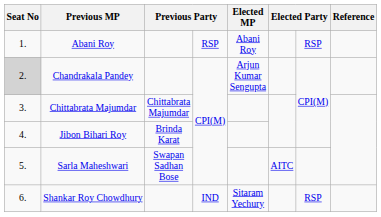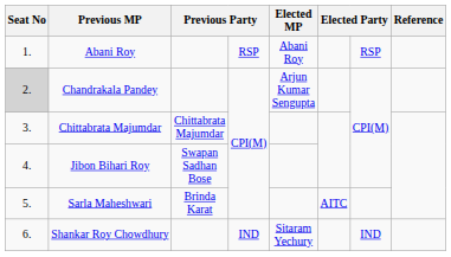 <table class="wikitable">
 <tr>
 <th>Seat No</th>
 <th>Previous MP</th>
 <th colspan=2>Previous Party</th>
 <th>Elected MP</th>
 <th colspan=2>Elected Party</th>
 <th>Reference</th>
 </tr>
 <tr style="text-align:center;">
 <td>1.</td>
 <td><a href='#'>Abani Roy</a></td>
 <td width="1px"></td>
 <td><a href='#'>RSP</a></td>
 <td><a href='#'>Abani Roy</a></td>
 <td width="1px"></td>
 <td><a href='#'>RSP</a></td>
 <td></td>
 </tr>
 <tr style="text-align:center;">
 <td style="background: lightgrey;">2.</td>
 <td><a href='#'>Chandrakala Pandey</a></td>
 <td width="1px"></td>
 <td rowspan=4><a href='#'>CPI(M)</a></td>
 <td><a href='#'>Arjun Kumar Sengupta</a></td>
 <td width="1px"></td>
 <td rowspan=3><a href='#'>CPI(M)</a></td>
 <td></td>
 </tr>
 <tr style="text-align:center;">
 <td>3.</td>
 <td><a href='#'>Chittabrata Majumdar</a></td>
 <td><a href='#'>Chittabrata Majumdar</a></td>
 <td></td>
 </tr>
 <tr style="text-align:center;">
 <td>4.</td>
 <td><a href='#'>Jibon Bihari Roy</a></td>
-<td><a href='#'>Brinda Karat</a></td>
+<td><a href='#'>Swapan Sadhan Bose</a></td>
 <td></td>
 </tr>
 <tr style="text-align:center;">
 <td>5.</td>
 <td><a href='#'>Sarla Maheshwari</a></td>
-<td><a href='#'>Swapan Sadhan Bose</a></td>
+<td><a href='#'>Brinda Karat</a></td>
 <td width="1px"></td>
 <td><a href='#'>AITC</a></td>
 <td></td>
 </tr>
 <tr style="text-align:center;">
 <td>6.</td>
 <td><a href='#'>Shankar Roy Chowdhury</a></td>
 <td width="1px"></td>
 <td><a href='#'>IND</a></td>
 <td><a href='#'>Sitaram Yechury</a></td>
 <td width="1px"></td>
-<td><a href='#'>RSP</a></td>
+<td><a href='#'>IND</a></td>
 <td></td>
 </tr>
 </table>
